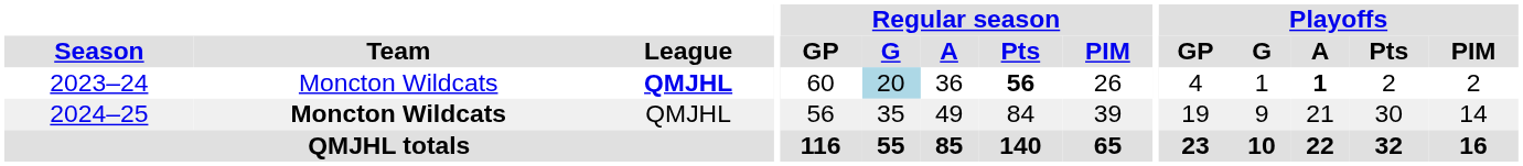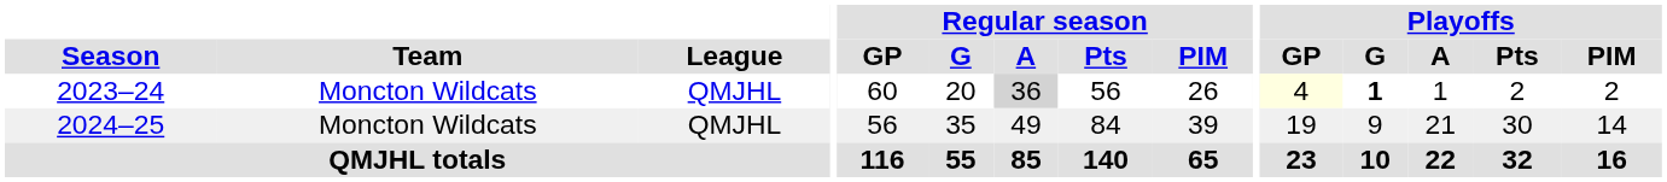 <table border="0" cellpadding="1" cellspacing="0" style="text-align:center; width:60em">
 <tr bgcolor="#e0e0e0">
 <th colspan="3" bgcolor="#ffffff"></th>
 <th rowspan="101" bgcolor="#ffffff"></th>
 <th colspan="5"><a href='#'>Regular season</a></th>
 <th rowspan="101" bgcolor="#ffffff"></th>
 <th colspan="5"><a href='#'>Playoffs</a></th>
 </tr>
 <tr bgcolor="#e0e0e0">
 <th><a href='#'>Season</a></th>
 <th>Team</th>
 <th>League</th>
 <th>GP</th>
 <th><a href='#'>G</a></th>
 <th><a href='#'>A</a></th>
 <th><a href='#'>Pts</a></th>
 <th><a href='#'>PIM</a></th>
 <th>GP</th>
 <th>G</th>
 <th>A</th>
 <th>Pts</th>
 <th>PIM</th>
 </tr>
 <tr>
 <td><a href='#'>2023–24</a></td>
 <td><a href='#'>Moncton Wildcats</a></td>
-<td><strong><a href='#'>QMJHL</a></strong></td>
+<td><a href='#'>QMJHL</a></td>
 <td>60</td>
-<td style="background: lightblue;">20</td>
-<td>36</td>
-<td><strong>56</strong></td>
+<td>20</td>
+<td style="background: lightgrey;">36</td>
+<td>56</td>
 <td>26</td>
-<td>4</td>
+<td style="background: lightyellow;">4</td>
+<td><strong>1</strong></td>
 <td>1</td>
-<td><strong>1</strong></td>
 <td>2</td>
 <td>2</td>
 </tr>
 <tr bgcolor="#f0f0f0">
 <td><a href='#'>2024–25</a></td>
-<td><strong>Moncton Wildcats</strong></td>
+<td>Moncton Wildcats</td>
 <td>QMJHL</td>
 <td>56</td>
 <td>35</td>
 <td>49</td>
 <td>84</td>
 <td>39</td>
 <td>19</td>
 <td>9</td>
 <td>21</td>
 <td>30</td>
 <td>14</td>
 </tr>
 <tr bgcolor="#e0e0e0">
 <th colspan="3">QMJHL totals</th>
 <th>116</th>
 <th>55</th>
 <th>85</th>
 <th>140</th>
 <th>65</th>
 <th>23</th>
 <th>10</th>
 <th>22</th>
 <th>32</th>
 <th>16</th>
 </tr>
 </table>
